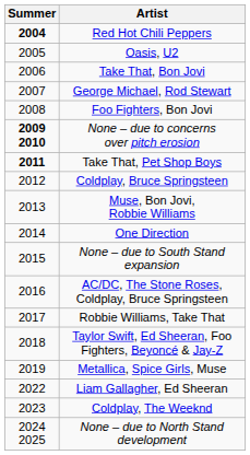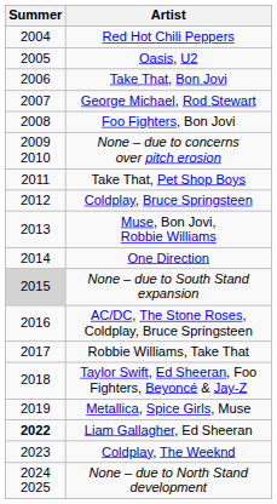 <table class="wikitable" style="text-align:center; margin-left:1em; float:right;">
 <tr>
 <th style="width:60px;">Summer</th>
 <th style="width:240px;">Artist</th>
 </tr>
 <tr>
-<td style="text-align:center;"><strong>2004</strong></td>
+<td style="text-align:center;">2004</td>
 <td><a href='#'>Red Hot Chili Peppers</a></td>
 </tr>
 <tr>
 <td style="text-align:center;">2005</td>
 <td><a href='#'>Oasis</a>, <a href='#'>U2</a></td>
 </tr>
 <tr>
 <td style="text-align:center;">2006</td>
 <td><a href='#'>Take That</a>, <a href='#'>Bon Jovi</a></td>
 </tr>
 <tr>
 <td style="text-align:center;">2007</td>
 <td><a href='#'>George Michael</a>, <a href='#'>Rod Stewart</a></td>
 </tr>
 <tr>
 <td style="text-align:center;">2008</td>
 <td><a href='#'>Foo Fighters</a>, Bon Jovi</td>
 </tr>
 <tr>
-<td style="text-align:center;"><strong>2009<br>2010</strong></td>
+<td style="text-align:center;">2009<br>2010</td>
 <td><em>None – due to concerns<br>over <a href='#'>pitch erosion</a></em></td>
 </tr>
 <tr>
-<td style="text-align:center;"><strong>2011</strong></td>
+<td style="text-align:center;">2011</td>
 <td>Take That, <a href='#'>Pet Shop Boys</a></td>
 </tr>
 <tr>
 <td style="text-align:center;">2012</td>
 <td><a href='#'>Coldplay</a>, <a href='#'>Bruce Springsteen</a></td>
 </tr>
 <tr>
 <td style="text-align:center;">2013</td>
 <td><a href='#'>Muse</a>, Bon Jovi, <br><a href='#'>Robbie Williams</a></td>
 </tr>
 <tr>
 <td style="text-align:center;">2014</td>
 <td><a href='#'>One Direction</a></td>
 </tr>
 <tr>
-<td style="text-align:center;">2015</td>
+<td style="background: lightgrey; text-align:center;">2015</td>
 <td><em>None – due to South Stand expansion</em></td>
 </tr>
 <tr>
 <td style="text-align:center;">2016</td>
 <td><a href='#'>AC/DC</a>, <a href='#'>The Stone Roses</a>, Coldplay, Bruce Springsteen</td>
 </tr>
 <tr>
 <td style="text-align:center;">2017</td>
 <td>Robbie Williams, Take That</td>
 </tr>
 <tr>
 <td style="text-align:center;">2018</td>
 <td><a href='#'>Taylor Swift</a>, <a href='#'>Ed Sheeran</a>, Foo Fighters, <a href='#'>Beyoncé</a> & <a href='#'>Jay-Z</a></td>
 </tr>
 <tr>
 <td style="text-align:center;">2019</td>
 <td><a href='#'>Metallica</a>, <a href='#'>Spice Girls</a>, Muse</td>
 </tr>
 <tr>
-<td style="text-align:center;">2022</td>
+<td style="text-align:center;"><strong>2022</strong></td>
 <td><a href='#'>Liam Gallagher</a>, Ed Sheeran</td>
 </tr>
 <tr>
 <td style="text-align:center;">2023</td>
 <td><a href='#'>Coldplay</a>, <a href='#'>The Weeknd</a></td>
 </tr>
 <tr>
 <td style="text-align:center;">2024<br>2025</td>
 <td><em>None – due to North Stand development</em></td>
 </tr>
 </table>
